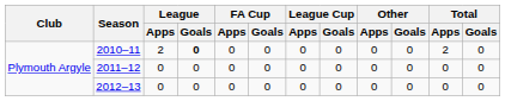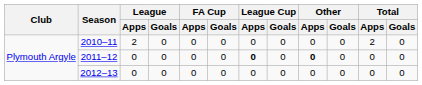 <table class="wikitable" style="text-align:center">
 <tr>
 <th rowspan="2">Club</th>
 <th rowspan="2">Season</th>
 <th colspan="2">League</th>
 <th colspan="2">FA Cup</th>
 <th colspan="2">League Cup</th>
 <th colspan="2">Other</th>
 <th colspan="2">Total</th>
 </tr>
 <tr>
 <th>Apps</th>
 <th>Goals</th>
 <th>Apps</th>
 <th>Goals</th>
 <th>Apps</th>
 <th>Goals</th>
 <th>Apps</th>
 <th>Goals</th>
 <th>Apps</th>
 <th>Goals</th>
 </tr>
 <tr>
 <td rowspan="3"><a href='#'>Plymouth Argyle</a></td>
 <td><a href='#'>2010–11</a></td>
 <td>2</td>
-<td><strong>0</strong></td>
+<td>0</td>
 <td>0</td>
 <td>0</td>
 <td>0</td>
 <td>0</td>
 <td>0</td>
 <td>0</td>
 <td>2</td>
 <td>0</td>
 </tr>
 <tr>
 <td><a href='#'>2011–12</a></td>
 <td>0</td>
 <td>0</td>
 <td>0</td>
 <td>0</td>
+<td><strong>0</strong></td>
 <td>0</td>
-<td>0</td>
-<td>0</td>
+<td><strong>0</strong></td>
 <td>0</td>
 <td>0</td>
 <td>0</td>
 </tr>
 <tr>
 <td><a href='#'>2012–13</a></td>
 <td>0</td>
 <td>0</td>
 <td>0</td>
 <td>0</td>
 <td>0</td>
 <td>0</td>
 <td>0</td>
 <td>0</td>
 <td>0</td>
 <td>0</td>
 </tr>
 </table>
